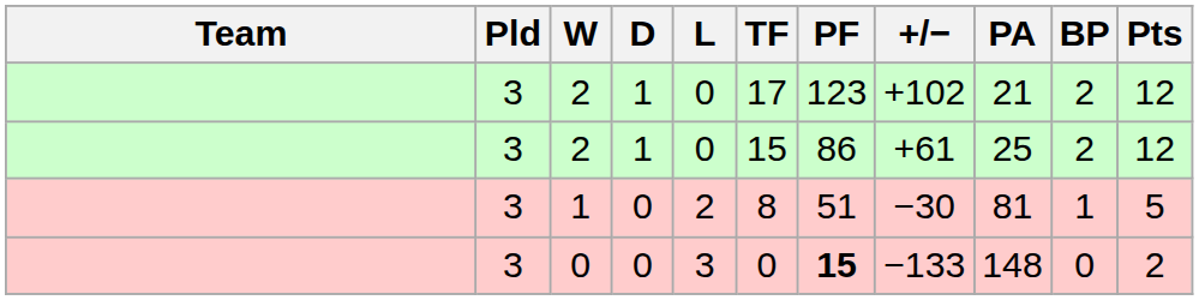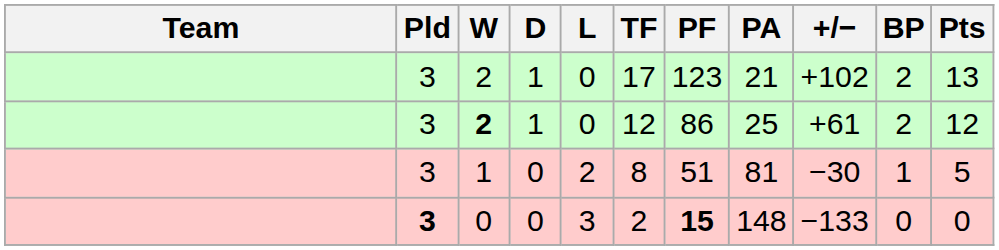 <table class="wikitable" style="text-align:center">
 <tr>
 <th width="200">Team</th>
 <th width="20">Pld</th>
 <th width="20">W</th>
 <th width="20">D</th>
 <th width="20">L</th>
 <th width="20">TF</th>
 <th width="20">PF</th>
+<th width="20">PA</th>
 <th width="25">+/−</th>
-<th width="20">PA</th>
 <th width="20">BP</th>
 <th width="20">Pts</th>
 </tr>
 <tr style="background:#cfc;">
 <td align=left></td>
 <td>3</td>
 <td>2</td>
 <td>1</td>
 <td>0</td>
 <td>17</td>
 <td>123</td>
+<td>21</td>
 <td>+102</td>
-<td>21</td>
 <td>2</td>
-<td>12</td>
+<td>13</td>
 </tr>
 <tr style="background:#cfc;">
 <td align=left></td>
 <td>3</td>
-<td>2</td>
+<td><strong>2</strong></td>
 <td>1</td>
 <td>0</td>
-<td>15</td>
+<td>12</td>
 <td>86</td>
+<td>25</td>
 <td>+61</td>
-<td>25</td>
 <td>2</td>
 <td>12</td>
 </tr>
 <tr style="background:#fcc;">
 <td align=left></td>
 <td>3</td>
 <td>1</td>
 <td>0</td>
 <td>2</td>
 <td>8</td>
 <td>51</td>
+<td>81</td>
 <td>−30</td>
-<td>81</td>
 <td>1</td>
 <td>5</td>
 </tr>
 <tr style="background:#fcc;">
 <td align=left></td>
-<td>3</td>
+<td><strong>3</strong></td>
 <td>0</td>
 <td>0</td>
 <td>3</td>
+<td>2</td>
+<td><strong>15</strong></td>
+<td>148</td>
+<td>−133</td>
 <td>0</td>
-<td><strong>15</strong></td>
-<td>−133</td>
-<td>148</td>
 <td>0</td>
-<td>2</td>
 </tr>
 </table>
